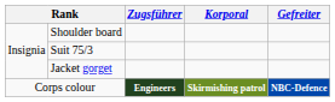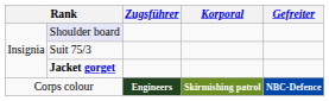 <table class=wikitable style="text-align:center;">
 <tr>
 <th align="center" colspan="2">Rank</th>
 <th><em><a href='#'>Zugsführer</a></em></th>
 <th><em><a href='#'>Korporal</a></em></th>
 <th><em><a href='#'>Gefreiter</a></em></th>
 </tr>
 <tr>
 <td rowspan="3">Insignia</td>
-<td>Shoulder board</td>
+<td style="background: lavender;">Shoulder board</td>
 <td></td>
 <td></td>
 <td></td>
 </tr>
 <tr>
 <td style="text-align:left;">Suit 75/3</td>
 <td></td>
 <td></td>
 <td></td>
 </tr>
 <tr>
-<td style="text-align:left;">Jacket <a href='#'>gorget</a></td>
+<td style="text-align:left;"><strong>Jacket <a href='#'>gorget</a></strong></td>
 <td></td>
 <td></td>
 <td></td>
 </tr>
 <tr>
 <td colspan="2">Corps colour</td>
 <th style="background:#21421E; color:white;"><small>Engineers</small></th>
 <th style="background:#6B8E23; color:white;"><small>Skirmishing patrol</small></th>
 <th style="background:#0047AB; color:white;"><small>NBC-Defence</small></th>
 </tr>
 </table>
